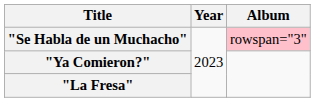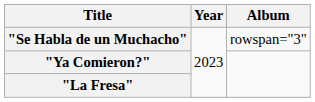 <table class="wikitable plainrowheaders" style="text-align:center;">
 <tr>
 <th scope="col">Title</th>
 <th scope="col">Year</th>
 <th scope="col">Album</th>
 </tr>
 <tr>
 <th scope="row">"Se Habla de un Muchacho"<br></th>
 <td rowspan="3">2023</td>
-<td style="background: pink;">rowspan="3" </td>
+<td>rowspan="3" </td>
 </tr>
 <tr>
 <th scope="row">"Ya Comieron?"<br></th>
 </tr>
 <tr>
 <th scope="row">"La Fresa"<br></th>
 </tr>
 </table>
